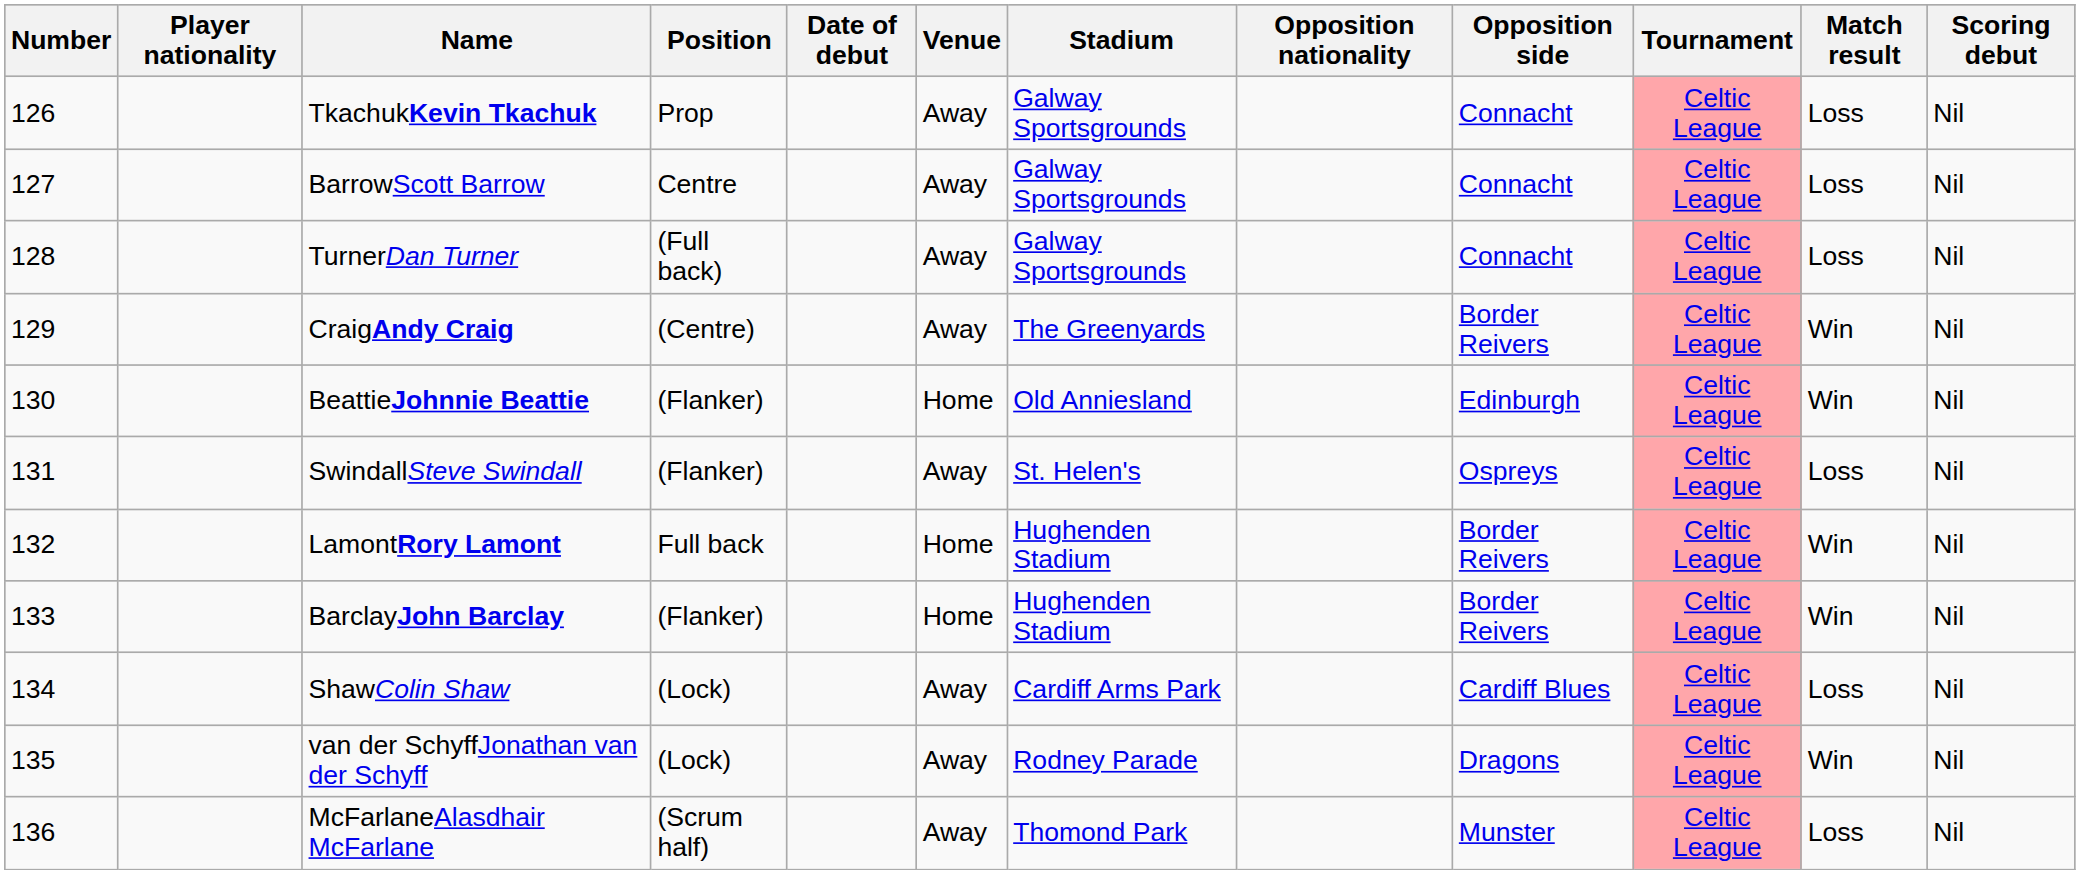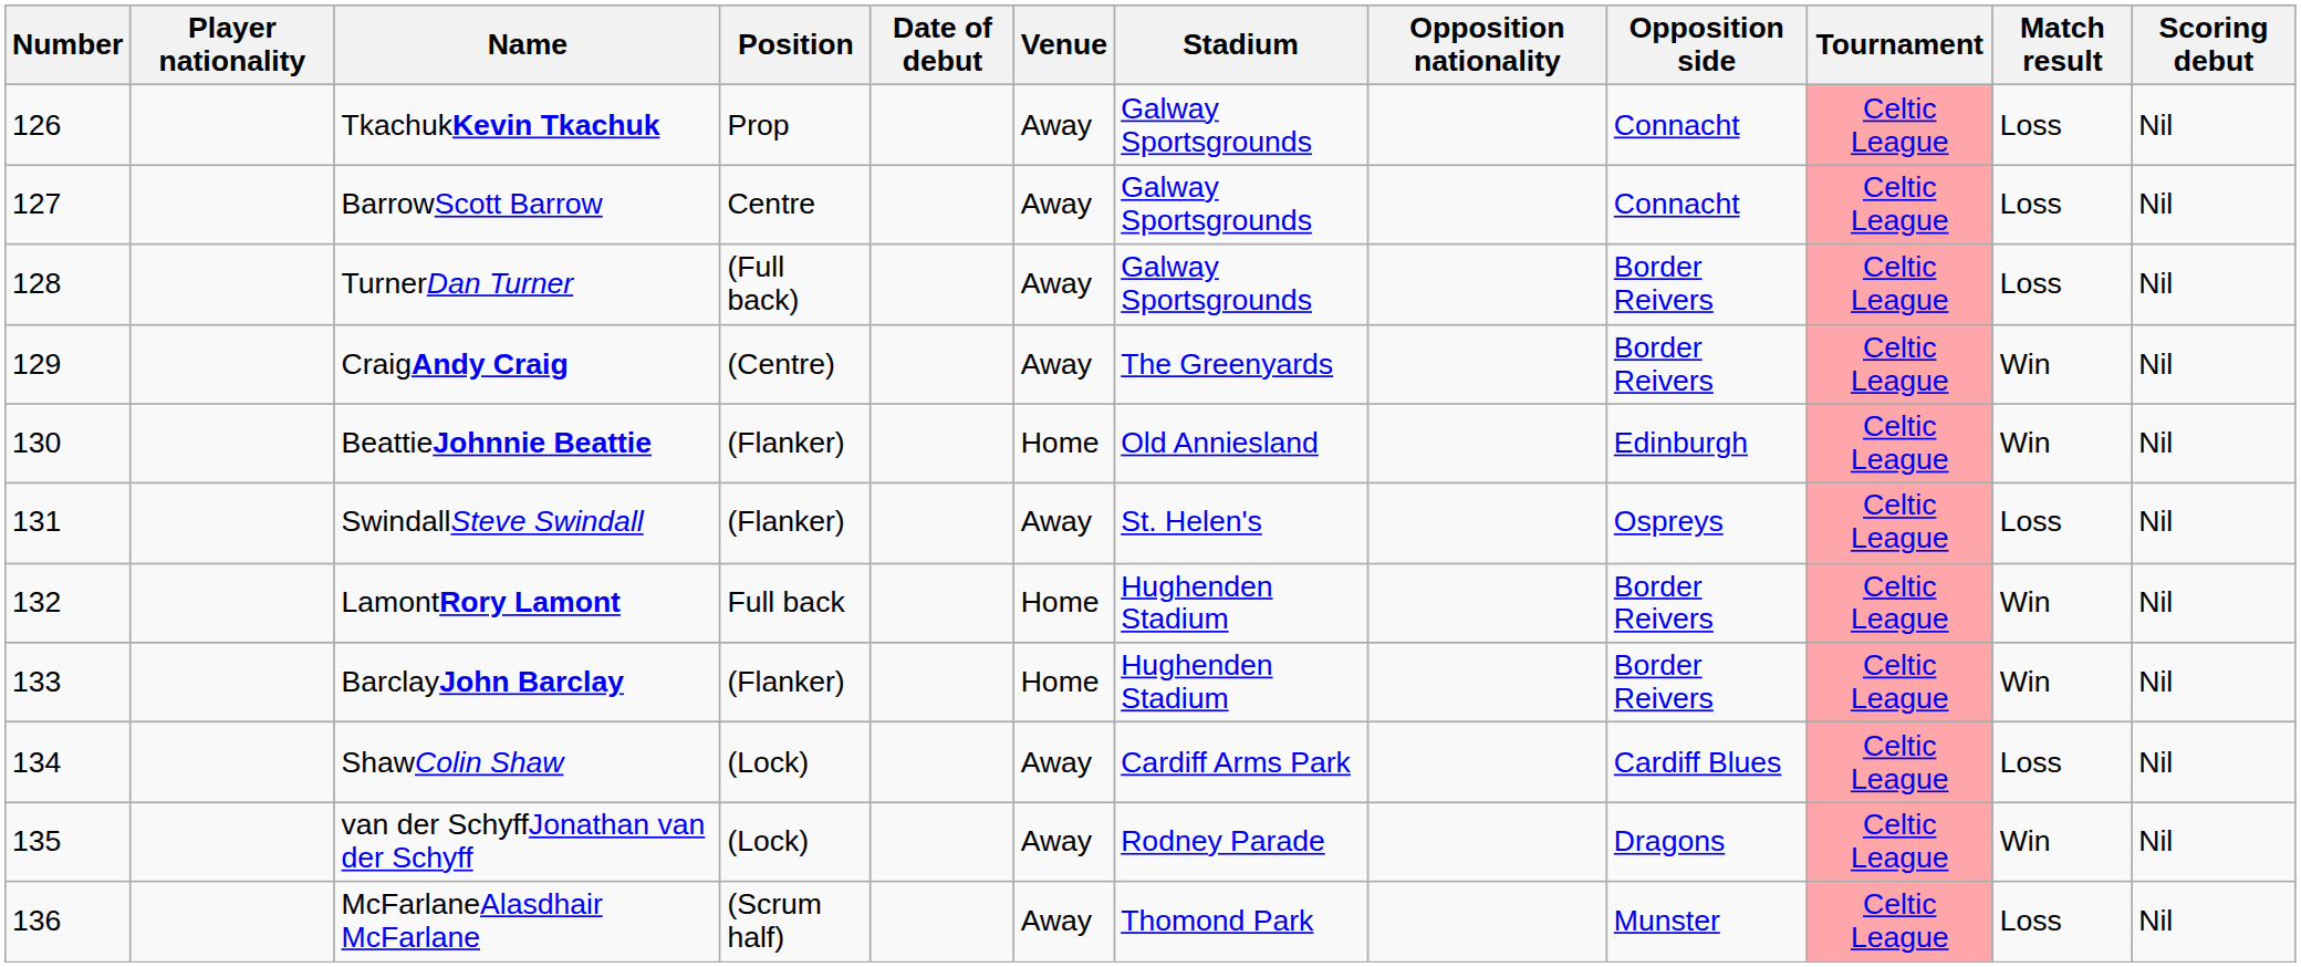 <table class="sortable wikitable">
 <tr>
 <th data-sort-type="number">Number</th>
 <th>Player nationality</th>
 <th>Name</th>
 <th>Position</th>
 <th>Date of debut</th>
 <th>Venue</th>
 <th>Stadium</th>
 <th>Opposition nationality</th>
 <th>Opposition side</th>
 <th>Tournament</th>
 <th>Match result</th>
 <th>Scoring debut</th>
 </tr>
 <tr>
 <td>126</td>
 <td style="text-align:center;"></td>
 <td><span>Tkachuk</span><strong><a href='#'>Kevin Tkachuk</a></strong></td>
 <td>Prop</td>
 <td></td>
 <td>Away</td>
 <td><a href='#'>Galway Sportsgrounds</a></td>
 <td style="text-align:center;"></td>
 <td><a href='#'>Connacht</a></td>
 <td style="text-align:center; background:#FFA6AA;"><a href='#'>Celtic League</a></td>
 <td>Loss</td>
 <td>Nil</td>
 </tr>
 <tr>
 <td>127</td>
 <td style="text-align:center;"></td>
 <td><span>Barrow</span><a href='#'>Scott Barrow</a></td>
 <td>Centre</td>
 <td></td>
 <td>Away</td>
 <td><a href='#'>Galway Sportsgrounds</a></td>
 <td style="text-align:center;"></td>
 <td><a href='#'>Connacht</a></td>
 <td style="text-align:center; background:#FFA6AA;"><a href='#'>Celtic League</a></td>
 <td>Loss</td>
 <td>Nil</td>
 </tr>
 <tr>
 <td>128</td>
 <td style="text-align:center;"></td>
 <td><span>Turner</span><em><a href='#'>Dan Turner</a></em></td>
 <td>(Full back)</td>
 <td></td>
 <td>Away</td>
 <td><a href='#'>Galway Sportsgrounds</a></td>
 <td style="text-align:center;"></td>
-<td><a href='#'>Connacht</a></td>
+<td><a href='#'>Border Reivers</a></td>
 <td style="text-align:center; background:#FFA6AA;"><a href='#'>Celtic League</a></td>
 <td>Loss</td>
 <td>Nil</td>
 </tr>
 <tr>
 <td>129</td>
 <td style="text-align:center;"></td>
 <td><span>Craig</span><strong><a href='#'>Andy Craig</a></strong></td>
 <td>(Centre)</td>
 <td></td>
 <td>Away</td>
 <td><a href='#'>The Greenyards</a></td>
 <td style="text-align:center;"></td>
 <td><a href='#'>Border Reivers</a></td>
 <td style="text-align:center; background:#FFA6AA;"><a href='#'>Celtic League</a></td>
 <td>Win</td>
 <td>Nil</td>
 </tr>
 <tr>
 <td>130</td>
 <td style="text-align:center;"></td>
 <td><span>Beattie</span><strong><a href='#'>Johnnie Beattie</a></strong></td>
 <td>(Flanker)</td>
 <td></td>
 <td>Home</td>
 <td><a href='#'>Old Anniesland</a></td>
 <td style="text-align:center;"></td>
 <td><a href='#'>Edinburgh</a></td>
 <td style="text-align:center; background:#FFA6AA;"><a href='#'>Celtic League</a></td>
 <td>Win</td>
 <td>Nil</td>
 </tr>
 <tr>
 <td>131</td>
 <td style="text-align:center;"></td>
 <td><span>Swindall</span><em><a href='#'>Steve Swindall</a></em></td>
 <td>(Flanker)</td>
 <td></td>
 <td>Away</td>
 <td><a href='#'>St. Helen's</a></td>
 <td style="text-align:center;"></td>
 <td><a href='#'>Ospreys</a></td>
 <td style="text-align:center; background:#FFA6AA;"><a href='#'>Celtic League</a></td>
 <td>Loss</td>
 <td>Nil</td>
 </tr>
 <tr>
 <td>132</td>
 <td style="text-align:center;"></td>
 <td><span>Lamont</span><strong><a href='#'>Rory Lamont</a></strong></td>
 <td>Full back</td>
 <td></td>
 <td>Home</td>
 <td><a href='#'>Hughenden Stadium</a></td>
 <td style="text-align:center;"></td>
 <td><a href='#'>Border Reivers</a></td>
 <td style="text-align:center; background:#FFA6AA;"><a href='#'>Celtic League</a></td>
 <td>Win</td>
 <td>Nil</td>
 </tr>
 <tr>
 <td>133</td>
 <td style="text-align:center;"></td>
 <td><span>Barclay</span><strong><a href='#'>John Barclay</a></strong></td>
 <td>(Flanker)</td>
 <td></td>
 <td>Home</td>
 <td><a href='#'>Hughenden Stadium</a></td>
 <td style="text-align:center;"></td>
 <td><a href='#'>Border Reivers</a></td>
 <td style="text-align:center; background:#FFA6AA;"><a href='#'>Celtic League</a></td>
 <td>Win</td>
 <td>Nil</td>
 </tr>
 <tr>
 <td>134</td>
 <td style="text-align:center;"></td>
 <td><span>Shaw</span><em><a href='#'>Colin Shaw</a></em></td>
 <td>(Lock)</td>
 <td></td>
 <td>Away</td>
 <td><a href='#'>Cardiff Arms Park</a></td>
 <td style="text-align:center;"></td>
 <td><a href='#'>Cardiff Blues</a></td>
 <td style="text-align:center; background:#FFA6AA;"><a href='#'>Celtic League</a></td>
 <td>Loss</td>
 <td>Nil</td>
 </tr>
 <tr>
 <td>135</td>
 <td style="text-align:center;"></td>
 <td><span>van der Schyff</span><a href='#'>Jonathan van der Schyff</a></td>
 <td>(Lock)</td>
 <td></td>
 <td>Away</td>
 <td><a href='#'>Rodney Parade</a></td>
 <td style="text-align:center;"></td>
 <td><a href='#'>Dragons</a></td>
 <td style="text-align:center; background:#FFA6AA;"><a href='#'>Celtic League</a></td>
 <td>Win</td>
 <td>Nil</td>
 </tr>
 <tr>
 <td>136</td>
 <td style="text-align:center;"></td>
 <td><span>McFarlane</span><a href='#'>Alasdhair McFarlane</a></td>
 <td>(Scrum half)</td>
 <td></td>
 <td>Away</td>
 <td><a href='#'>Thomond Park</a></td>
 <td style="text-align:center;"></td>
 <td><a href='#'>Munster</a></td>
 <td style="text-align:center; background:#FFA6AA;"><a href='#'>Celtic League</a></td>
 <td>Loss</td>
 <td>Nil</td>
 </tr>
 </table>
